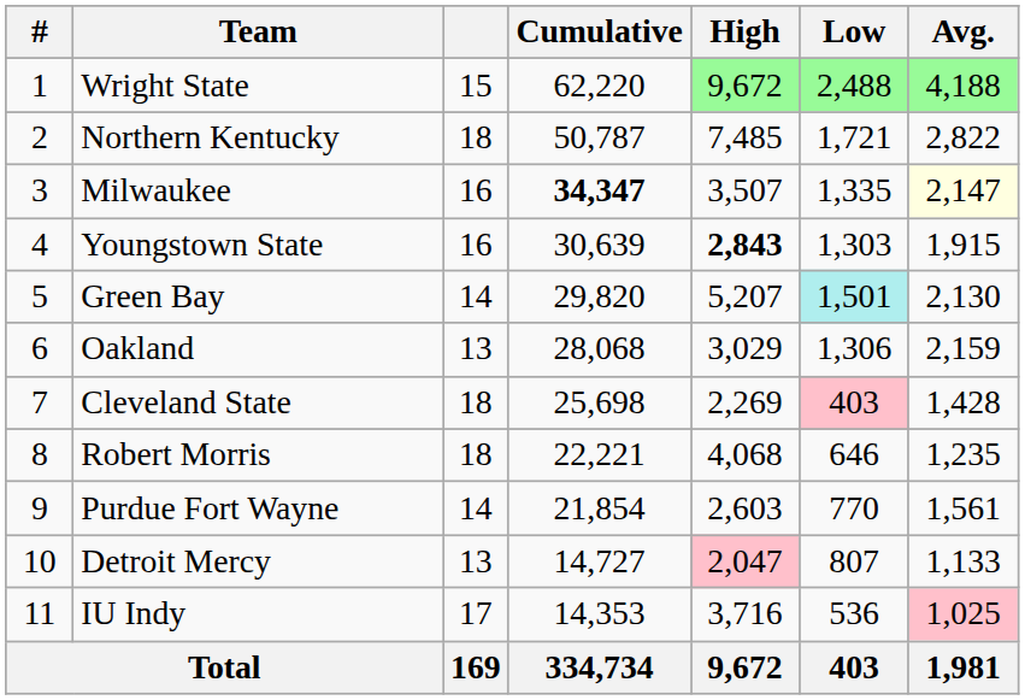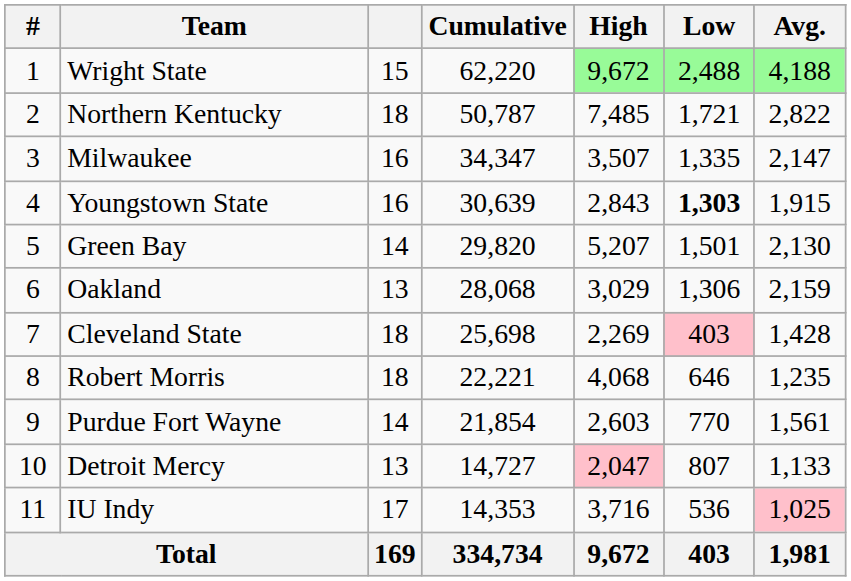 <table class="wikitable sortable" style="text-align:center">
 <tr>
 <th width="25">#</th>
 <th width="170">Team</th>
 <th></th>
 <th width="45">Cumulative</th>
 <th width="45">High</th>
 <th width="45">Low</th>
 <th width="45">Avg.</th>
 </tr>
 <tr>
 <td>1</td>
 <td align="left">Wright State</td>
 <td>15</td>
 <td>62,220</td>
 <td bgcolor="#98fb98">9,672</td>
 <td bgcolor="#98fb98">2,488</td>
 <td bgcolor="#98fb98">4,188</td>
 </tr>
 <tr>
 <td>2</td>
 <td align="left">Northern Kentucky</td>
 <td>18</td>
 <td>50,787</td>
 <td>7,485</td>
 <td>1,721</td>
 <td>2,822</td>
 </tr>
 <tr>
 <td>3</td>
 <td align="left">Milwaukee</td>
 <td>16</td>
-<td><strong>34,347</strong></td>
+<td>34,347</td>
 <td>3,507</td>
 <td>1,335</td>
-<td style="background: lightyellow;">2,147</td>
+<td>2,147</td>
 </tr>
 <tr>
 <td>4</td>
 <td align="left">Youngstown State</td>
 <td>16</td>
 <td>30,639</td>
-<td><strong>2,843</strong></td>
-<td>1,303</td>
+<td>2,843</td>
+<td><strong>1,303</strong></td>
 <td>1,915</td>
 </tr>
 <tr>
 <td>5</td>
 <td align="left">Green Bay</td>
 <td>14</td>
 <td>29,820</td>
 <td>5,207</td>
-<td style="background: paleturquoise;">1,501</td>
+<td>1,501</td>
 <td>2,130</td>
 </tr>
 <tr>
 <td>6</td>
 <td align="left">Oakland</td>
 <td>13</td>
 <td>28,068</td>
 <td>3,029</td>
 <td>1,306</td>
 <td>2,159</td>
 </tr>
 <tr>
 <td>7</td>
 <td align="left">Cleveland State</td>
 <td>18</td>
 <td>25,698</td>
 <td>2,269</td>
 <td bgcolor="#ffc0cb">403</td>
 <td>1,428</td>
 </tr>
 <tr>
 <td>8</td>
 <td align="left">Robert Morris</td>
 <td>18</td>
 <td>22,221</td>
 <td>4,068</td>
 <td>646</td>
 <td>1,235</td>
 </tr>
 <tr>
 <td>9</td>
 <td align="left">Purdue Fort Wayne</td>
 <td>14</td>
 <td>21,854</td>
 <td>2,603</td>
 <td>770</td>
 <td>1,561</td>
 </tr>
 <tr>
 <td>10</td>
 <td align="left">Detroit Mercy</td>
 <td>13</td>
 <td>14,727</td>
 <td bgcolor="#ffc0cb">2,047</td>
 <td>807</td>
 <td>1,133</td>
 </tr>
 <tr>
 <td>11</td>
 <td align="left">IU Indy</td>
 <td>17</td>
 <td>14,353</td>
 <td>3,716</td>
 <td>536</td>
 <td bgcolor="#ffc0cb">1,025</td>
 </tr>
 <tr>
 <th colspan="2">Total</th>
 <th>169</th>
 <th>334,734</th>
 <th>9,672</th>
 <th>403</th>
 <th>1,981</th>
 </tr>
 </table>
